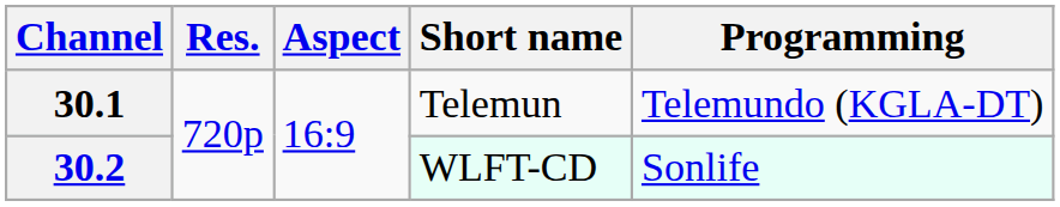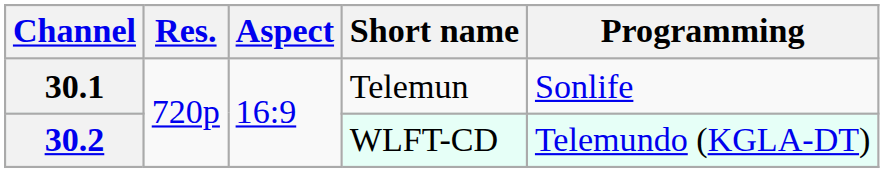 <table class="wikitable">
 <tr>
 <th scope="col"><a href='#'>Channel</a></th>
 <th scope="col"><a href='#'>Res.</a></th>
 <th scope="col"><a href='#'>Aspect</a></th>
 <th scope="col">Short name</th>
 <th scope="col">Programming</th>
 </tr>
 <tr>
 <th scope="row">30.1</th>
 <td rowspan=2><a href='#'>720p</a></td>
 <td rowspan=2><a href='#'>16:9</a></td>
 <td>Telemun</td>
-<td><a href='#'>Telemundo</a> (<a href='#'>KGLA-DT</a>)</td>
+<td><a href='#'>Sonlife</a></td>
 </tr>
 <tr style="background-color: #E6FFF7;">
 <th scope="row"><a href='#'>30.2</a></th>
 <td>WLFT-CD</td>
-<td><a href='#'>Sonlife</a></td>
+<td><a href='#'>Telemundo</a> (<a href='#'>KGLA-DT</a>)</td>
 </tr>
 </table>
